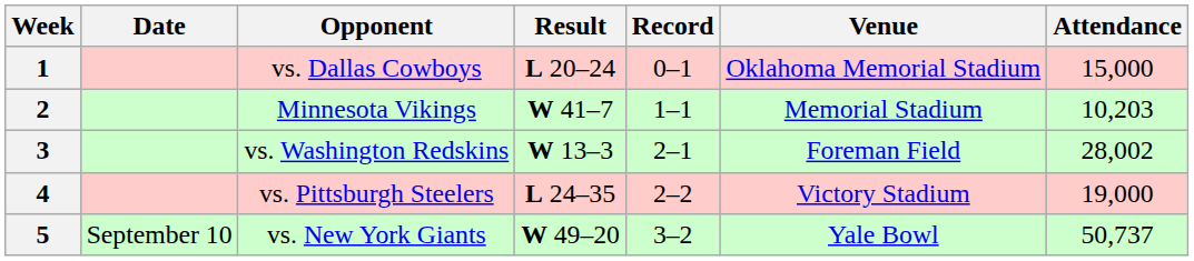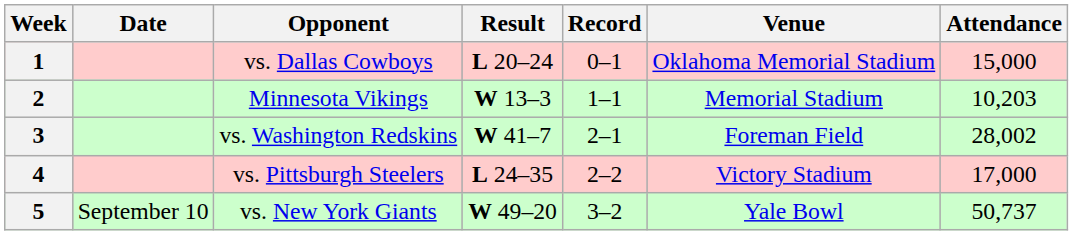 <table class="wikitable" style="text-align:center">
 <tr>
 <th>Week</th>
 <th>Date</th>
 <th>Opponent</th>
 <th>Result</th>
 <th>Record</th>
 <th>Venue</th>
 <th>Attendance</th>
 </tr>
 <tr style="background:#fcc">
 <th>1</th>
 <td></td>
 <td>vs. <a href='#'>Dallas Cowboys</a></td>
 <td><strong>L</strong> 20–24</td>
 <td>0–1</td>
 <td><a href='#'>Oklahoma Memorial Stadium</a></td>
 <td>15,000</td>
 </tr>
 <tr style="background:#cfc">
 <th>2</th>
 <td></td>
 <td><a href='#'>Minnesota Vikings</a></td>
-<td><strong>W</strong> 41–7</td>
+<td><strong>W</strong> 13–3</td>
 <td>1–1</td>
 <td><a href='#'>Memorial Stadium</a></td>
 <td>10,203</td>
 </tr>
 <tr style="background:#cfc">
 <th>3</th>
 <td></td>
 <td>vs. <a href='#'>Washington Redskins</a></td>
-<td><strong>W</strong> 13–3</td>
+<td><strong>W</strong> 41–7</td>
 <td>2–1</td>
 <td><a href='#'>Foreman Field</a></td>
 <td>28,002</td>
 </tr>
 <tr style="background:#fcc">
 <th>4</th>
 <td></td>
 <td>vs. <a href='#'>Pittsburgh Steelers</a></td>
 <td><strong>L</strong> 24–35</td>
 <td>2–2</td>
 <td><a href='#'>Victory Stadium</a></td>
-<td>19,000</td>
+<td>17,000</td>
 </tr>
 <tr style="background:#cfc">
 <th>5</th>
 <td>September 10</td>
 <td>vs. <a href='#'>New York Giants</a></td>
 <td><strong>W</strong> 49–20</td>
 <td>3–2</td>
 <td><a href='#'>Yale Bowl</a></td>
 <td>50,737</td>
 </tr>
 </table>
